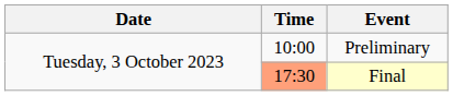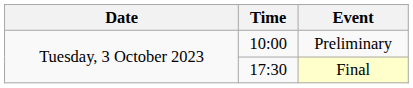 <table class = "wikitable" style="text-align:center;">
 <tr>
 <th width=220>Date</th>
 <th width=50>Time</th>
 <th width=100>Event</th>
 </tr>
 <tr>
 <td rowspan=2>Tuesday, 3 October 2023</td>
 <td>10:00</td>
 <td>Preliminary</td>
 </tr>
 <tr>
-<td style="background: lightsalmon;">17:30</td>
+<td>17:30</td>
 <td bgcolor=ffffcc>Final</td>
 </tr>
 </table>
